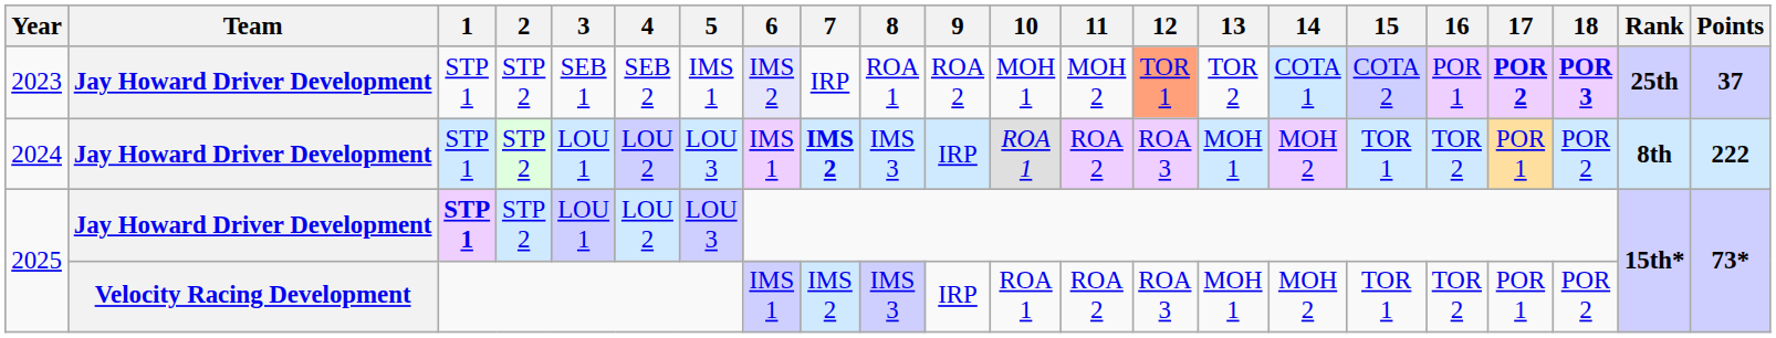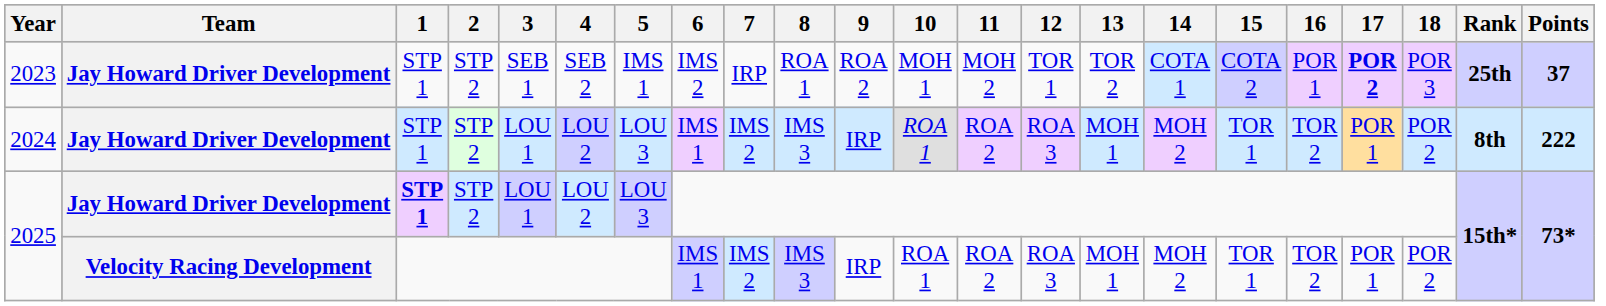 <table class="wikitable" style="text-align:center; font-size:85%">
 <tr>
 <th>Year</th>
 <th>Team</th>
 <th>1</th>
 <th>2</th>
 <th>3</th>
 <th>4</th>
 <th>5</th>
 <th>6</th>
 <th>7</th>
 <th>8</th>
 <th>9</th>
 <th>10</th>
 <th>11</th>
 <th>12</th>
 <th>13</th>
 <th>14</th>
 <th>15</th>
 <th>16</th>
 <th>17</th>
 <th>18</th>
 <th>Rank</th>
 <th>Points</th>
 </tr>
 <tr>
 <td><a href='#'>2023</a></td>
 <th nowrap><a href='#'>Jay Howard Driver Development</a></th>
 <td><a href='#'>STP<br>1</a><br></td>
 <td><a href='#'>STP<br>2</a><br></td>
 <td><a href='#'>SEB<br>1</a><br></td>
 <td><a href='#'>SEB<br>2</a><br></td>
 <td><a href='#'>IMS<br>1</a><br></td>
-<td style="background: lavender;"><a href='#'>IMS<br>2</a><br></td>
+<td><a href='#'>IMS<br>2</a><br></td>
 <td><a href='#'>IRP</a><br></td>
 <td><a href='#'>ROA<br>1</a><br></td>
 <td><a href='#'>ROA<br>2</a><br></td>
 <td><a href='#'>MOH<br>1</a><br></td>
 <td><a href='#'>MOH<br>2</a><br></td>
-<td style="background: lightsalmon;"><a href='#'>TOR<br>1</a><br></td>
+<td><a href='#'>TOR<br>1</a><br></td>
 <td><a href='#'>TOR<br>2</a><br></td>
 <td style="background:#CFEAFF;"><a href='#'>COTA<br>1</a><br></td>
 <td style="background:#CFCFFF;"><a href='#'>COTA<br>2</a><br></td>
 <td style="background:#EFCFFF;"><a href='#'>POR<br>1</a><br></td>
 <td style="background:#EFCFFF;"><strong><a href='#'>POR<br>2</a><br></strong></td>
-<td style="background:#EFCFFF;"><strong><a href='#'>POR<br>3</a><br></strong></td>
+<td style="background:#EFCFFF;"><a href='#'>POR<br>3</a><br></td>
 <th style="background:#CFCFFF;">25th</th>
 <th style="background:#CFCFFF;">37</th>
 </tr>
 <tr>
 <td><a href='#'>2024</a></td>
 <th nowrap><a href='#'>Jay Howard Driver Development</a></th>
 <td style="background:#CFEAFF;"><a href='#'>STP<br>1</a><br></td>
 <td style="background:#DFFFDF;"><a href='#'>STP<br>2</a><br></td>
 <td style="background:#CFEAFF;"><a href='#'>LOU<br>1</a><br></td>
 <td style="background:#CFCFFF;"><a href='#'>LOU<br>2</a><br></td>
 <td style="background:#CFEAFF;"><a href='#'>LOU<br>3</a><br></td>
 <td style="background:#EFCFFF;"><a href='#'>IMS<br>1</a><br></td>
-<td style="background:#CFEAFF;"><strong><a href='#'>IMS<br>2</a><br></strong></td>
+<td style="background:#CFEAFF;"><a href='#'>IMS<br>2</a><br></td>
 <td style="background:#CFEAFF;"><a href='#'>IMS<br>3</a><br></td>
 <td style="background:#CFEAFF;"><a href='#'>IRP</a><br></td>
 <td style="background:#DFDFDF;"><em><a href='#'>ROA<br>1</a></em><br></td>
 <td style="background:#EFCFFF;"><a href='#'>ROA<br>2</a><br></td>
 <td style="background:#EFCFFF;"><a href='#'>ROA<br>3</a><br></td>
 <td style="background:#CFEAFF;"><a href='#'>MOH<br>1</a><br></td>
 <td style="background:#EFCFFF;"><a href='#'>MOH<br>2</a><br></td>
 <td style="background:#CFEAFF;"><a href='#'>TOR<br>1</a><br></td>
 <td style="background:#CFEAFF;"><a href='#'>TOR<br>2</a><br></td>
 <td style="background:#FFDF9F;"><a href='#'>POR<br>1</a><br></td>
 <td style="background:#CFEAFF;"><a href='#'>POR<br>2</a><br></td>
 <th style="background:#CFEAFF;">8th</th>
 <th style="background:#CFEAFF;">222</th>
 </tr>
 <tr>
 <td rowspan="2"><a href='#'>2025</a></td>
 <th><a href='#'>Jay Howard Driver Development</a></th>
 <td style="background:#EFCFFF;"><strong><a href='#'>STP<br>1</a><br></strong></td>
 <td style="background:#CFEAFF;"><a href='#'>STP<br>2</a><br></td>
 <td style="background:#CFCFFF;"><a href='#'>LOU<br>1</a><br></td>
 <td style="background:#CFEAFF;"><a href='#'>LOU<br>2</a><br></td>
 <td style="background:#CFCFFF;"><a href='#'>LOU<br>3</a><br></td>
 <td colspan="13"></td>
 <th rowspan="2" style="background:#CFCFFF;">15th*</th>
 <th rowspan="2" style="background:#CFCFFF;">73*</th>
 </tr>
 <tr>
 <th><a href='#'>Velocity Racing Development</a></th>
 <td colspan="5"></td>
 <td style="background:#CFCFFF;"><a href='#'>IMS<br>1</a><br></td>
 <td style="background:#CFEAFF;"><a href='#'>IMS<br>2</a><br></td>
 <td style="background:#CFCFFF;"><a href='#'>IMS<br>3</a><br></td>
 <td style="background:#;"><a href='#'>IRP</a></td>
 <td style="background:#;"><a href='#'>ROA<br>1</a></td>
 <td style="background:#;"><a href='#'>ROA<br>2</a></td>
 <td style="background:#;"><a href='#'>ROA<br>3</a></td>
 <td style="background:#;"><a href='#'>MOH<br>1</a></td>
 <td style="background:#;"><a href='#'>MOH<br>2</a></td>
 <td style="background:#;"><a href='#'>TOR<br>1</a></td>
 <td style="background:#;"><a href='#'>TOR<br>2</a></td>
 <td style="background:#;"><a href='#'>POR<br>1</a></td>
 <td style="background:#;"><a href='#'>POR<br>2</a></td>
 </tr>
 </table>
